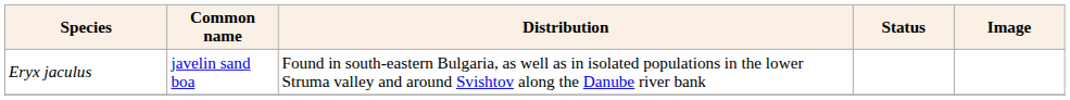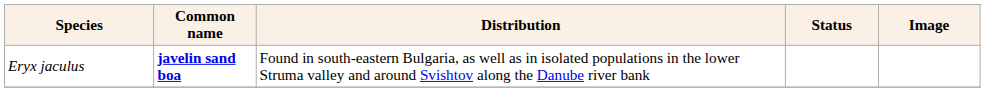 <table class="sortable wikitable plainrowheaders" border="0" style="background:#ffffff" align="top" class="sortable wikitable">
 <tr ->
 <th scope="col" style="background-color:Linen; color:Black" width=150 px>Species</th>
 <th scope="col" style="background-color:Linen; color:Black" width=100 px>Common name</th>
 <th scope="col" style="background:Linen; color:Black" width=550 px>Distribution</th>
 <th scope="col" style="background-color:Linen; color:Black" width=90 px>Status</th>
 <th scope="col" style="background:Linen; color:Black" width=100 px>Image</th>
 </tr>
 <tr>
 <td !scope="row" style="background:#ffffff"><em>Eryx jaculus</em></td>
-<td><a href='#'>javelin sand boa</a></td>
+<td><strong><a href='#'>javelin sand boa</a></strong></td>
 <td>Found in south-eastern Bulgaria, as well as in isolated populations in the lower Struma valley and around <a href='#'>Svishtov</a> along the <a href='#'>Danube</a> river bank</td>
 <td></td>
 <td></td>
 </tr>
 <tr>
 </tr>
 </table>
